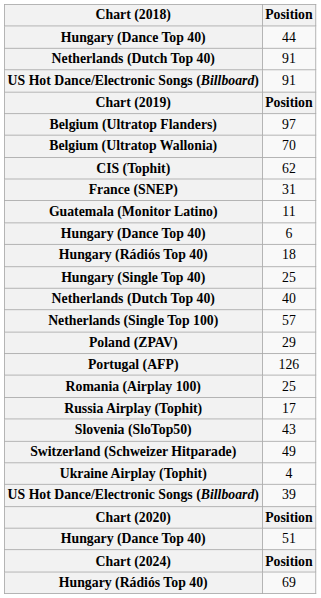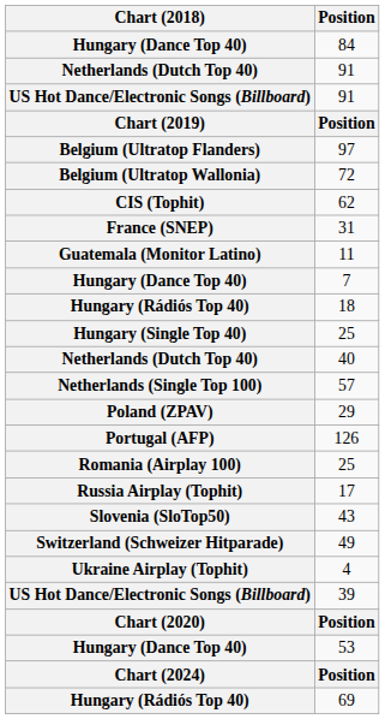 <table class="wikitable sortable plainrowheaders" style="text-align:center">
 <tr>
 <th scope="col">Chart (2018)</th>
 <th scope="col">Position</th>
 </tr>
 <tr>
 <th scope="row">Hungary (Dance Top 40)</th>
-<td>44</td>
+<td>84</td>
 </tr>
 <tr>
 <th scope="row">Netherlands (Dutch Top 40)</th>
 <td>91</td>
 </tr>
 <tr>
 <th scope="row">US Hot Dance/Electronic Songs (<em>Billboard</em>)</th>
 <td>91</td>
 </tr>
 <tr>
 <th scope="col">Chart (2019)</th>
 <th scope="col">Position</th>
 </tr>
 <tr>
 <th scope="row">Belgium (Ultratop Flanders)</th>
 <td>97</td>
 </tr>
 <tr>
 <th scope="row">Belgium (Ultratop Wallonia)</th>
-<td>70</td>
+<td>72</td>
 </tr>
 <tr>
 <th scope="row">CIS (Tophit)</th>
 <td>62</td>
 </tr>
 <tr>
 <th scope="row">France (SNEP)</th>
 <td>31</td>
 </tr>
 <tr>
 <th scope="row">Guatemala (Monitor Latino)</th>
 <td>11</td>
 </tr>
 <tr>
 <th scope="row">Hungary (Dance Top 40)</th>
-<td>6</td>
+<td>7</td>
 </tr>
 <tr>
 <th scope="row">Hungary (Rádiós Top 40)</th>
 <td>18</td>
 </tr>
 <tr>
 <th scope="row">Hungary (Single Top 40)</th>
 <td>25</td>
 </tr>
 <tr>
 <th scope="row">Netherlands (Dutch Top 40)</th>
 <td>40</td>
 </tr>
 <tr>
 <th scope="row">Netherlands (Single Top 100)</th>
 <td>57</td>
 </tr>
 <tr>
 <th scope="row">Poland (ZPAV)</th>
 <td>29</td>
 </tr>
 <tr>
 <th scope="row">Portugal (AFP)</th>
 <td>126</td>
 </tr>
 <tr>
 <th scope="row">Romania (Airplay 100)</th>
 <td>25</td>
 </tr>
 <tr>
 <th scope="row">Russia Airplay (Tophit)</th>
 <td>17</td>
 </tr>
 <tr>
 <th scope="row">Slovenia (SloTop50)</th>
 <td>43</td>
 </tr>
 <tr>
 <th scope="row">Switzerland (Schweizer Hitparade)</th>
 <td>49</td>
 </tr>
 <tr>
 <th scope="row">Ukraine Airplay (Tophit)</th>
 <td>4</td>
 </tr>
 <tr>
 <th scope="row">US Hot Dance/Electronic Songs (<em>Billboard</em>)</th>
 <td>39</td>
 </tr>
 <tr>
 <th scope="col">Chart (2020)</th>
 <th scope="col">Position</th>
 </tr>
 <tr>
 <th scope="row">Hungary (Dance Top 40)</th>
-<td>51</td>
+<td>53</td>
 </tr>
 <tr>
 <th scope="col">Chart (2024)</th>
 <th scope="col">Position</th>
 </tr>
 <tr>
 <th scope="row">Hungary (Rádiós Top 40)</th>
 <td>69</td>
 </tr>
 </table>
